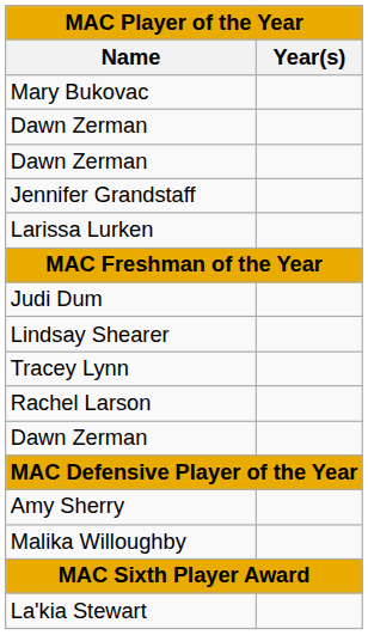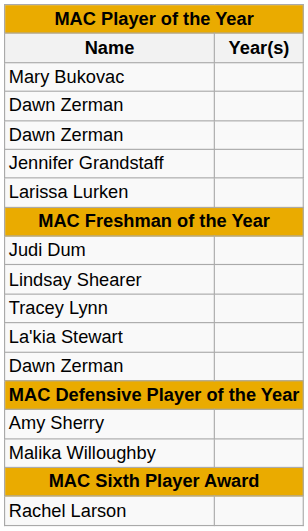 <table class="wikitable">
 <tr>
 <th colspan=2 style="background:#eaab00;">MAC Player of the Year</th>
 </tr>
 <tr>
 <th>Name</th>
 <th>Year(s)</th>
 </tr>
 <tr>
 <td>Mary Bukovac</td>
 <td></td>
 </tr>
 <tr>
 <td>Dawn Zerman</td>
 <td></td>
 </tr>
 <tr>
 <td>Dawn Zerman</td>
 <td></td>
 </tr>
 <tr>
 <td>Jennifer Grandstaff</td>
 <td></td>
 </tr>
 <tr>
 <td>Larissa Lurken</td>
 <td></td>
 </tr>
 <tr>
 <th colspan=2 style="background:#eaab00;">MAC Freshman of the Year</th>
 </tr>
 <tr>
 <td>Judi Dum</td>
 <td></td>
 </tr>
 <tr>
 <td>Lindsay Shearer</td>
 <td></td>
 </tr>
 <tr>
 <td>Tracey Lynn</td>
 <td></td>
 </tr>
 <tr>
-<td>Rachel Larson</td>
+<td>La'kia Stewart</td>
 <td></td>
 </tr>
 <tr>
 <td>Dawn Zerman</td>
 <td></td>
 </tr>
 <tr>
 <th colspan=2 style="background:#eaab00;">MAC Defensive Player of the Year</th>
 </tr>
 <tr>
 <td>Amy Sherry</td>
 <td></td>
 </tr>
 <tr>
 <td>Malika Willoughby</td>
 <td></td>
 </tr>
 <tr>
 <th colspan=2 style="background:#eaab00;">MAC Sixth Player Award</th>
 </tr>
 <tr>
-<td>La'kia Stewart</td>
+<td>Rachel Larson</td>
 <td></td>
 </tr>
 </table>
